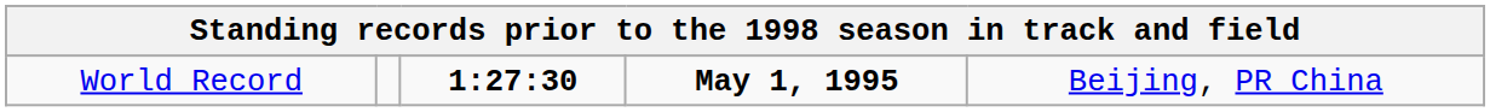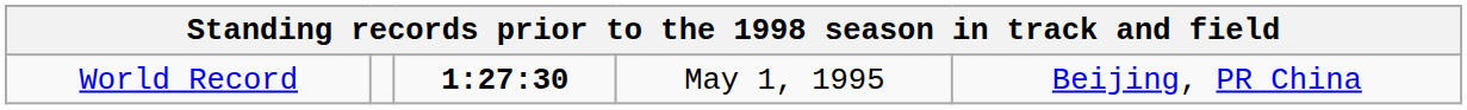 <table class="wikitable" style="text-align:center; width:100%">
 <tr>
 <th colspan="5">Standing records prior to the 1998 season in track and field</th>
 </tr>
 <tr>
 <td><a href='#'>World Record</a></td>
 <td></td>
 <td><strong>1:27:30</strong></td>
-<td><strong>May 1, 1995</strong></td>
+<td>May 1, 1995</td>
 <td> <a href='#'>Beijing</a>, <a href='#'>PR China</a></td>
 </tr>
 </table>
